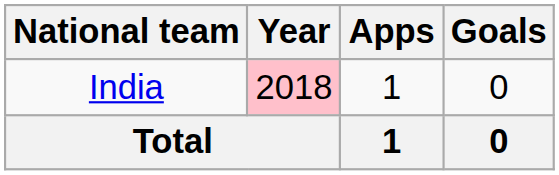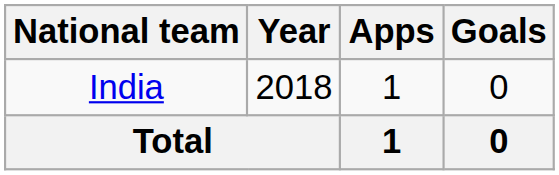 <table class="wikitable" style="text-align: center;">
 <tr>
 <th>National team</th>
 <th>Year</th>
 <th>Apps</th>
 <th>Goals</th>
 </tr>
 <tr>
 <td rowspan="1"><a href='#'>India</a></td>
-<td style="background: pink;">2018</td>
+<td>2018</td>
 <td>1</td>
 <td>0</td>
 </tr>
 <tr>
 <th colspan="2">Total</th>
 <th>1</th>
 <th>0</th>
 </tr>
 </table>
